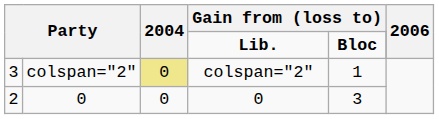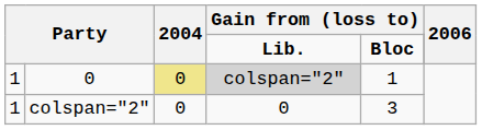 <table class="wikitable" style="text-align:center" align="center">
 <tr>
 <th rowspan="2" colspan="2">Party</th>
 <th rowspan="2">2004</th>
 <th colspan="4">Gain from (loss to)</th>
 <th rowspan="2">2006</th>
 </tr>
 <tr>
 <td><strong>Lib.</strong></td>
 <td><strong>Bloc</strong></td>
 </tr>
 <tr>
-<td>3</td>
-<td>colspan="2" </td>
+<td>1</td>
+<td>0</td>
 <td style="background: khaki;">0</td>
-<td>colspan="2" </td>
+<td style="background: lightgrey;">colspan="2" </td>
 <td>1</td>
 </tr>
 <tr>
-<td>2</td>
-<td>0</td>
+<td>1</td>
+<td>colspan="2" </td>
 <td>0</td>
 <td>0</td>
 <td>3</td>
 </tr>
 </table>
